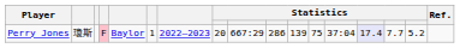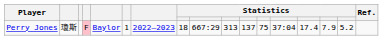 <table class="wikitable sortable" style="font-size:95%; text-align:right;">
 <tr>
 <th rowspan="2">Player</th>
 <th rowspan="2"></th>
 <th rowspan="2"></th>
 <th rowspan="2"></th>
 <th rowspan="2"></th>
 <th rowspan="2"></th>
 <th rowspan="2"></th>
 <th colspan="9">Statistics</th>
 <th rowspan="2">Ref.</th>
 </tr>
 <tr>
 <th></th>
 <th></th>
 <th></th>
 <th></th>
 <th></th>
 <th></th>
 <th></th>
 <th></th>
 <th></th>
 </tr>
 <tr>
 <td align="left"><a href='#'>Perry Jones</a></td>
 <td align="left">瓊斯</td>
 <td align="center"></td>
 <td align="center" style="background: pink;">F</td>
 <td align="left"><a href='#'>Baylor</a></td>
 <td align="center">1</td>
 <td align="center"><a href='#'>2022–2023</a></td>
-<td>20</td>
+<td>18</td>
 <td>667:29</td>
-<td>286</td>
-<td>139</td>
+<td>313</td>
+<td>137</td>
 <td>75</td>
 <td>37:04</td>
-<td style="background: lavender;">17.4</td>
-<td>7.7</td>
+<td>17.4</td>
+<td>7.9</td>
 <td>5.2</td>
 <td align="center"></td>
 </tr>
 </table>
